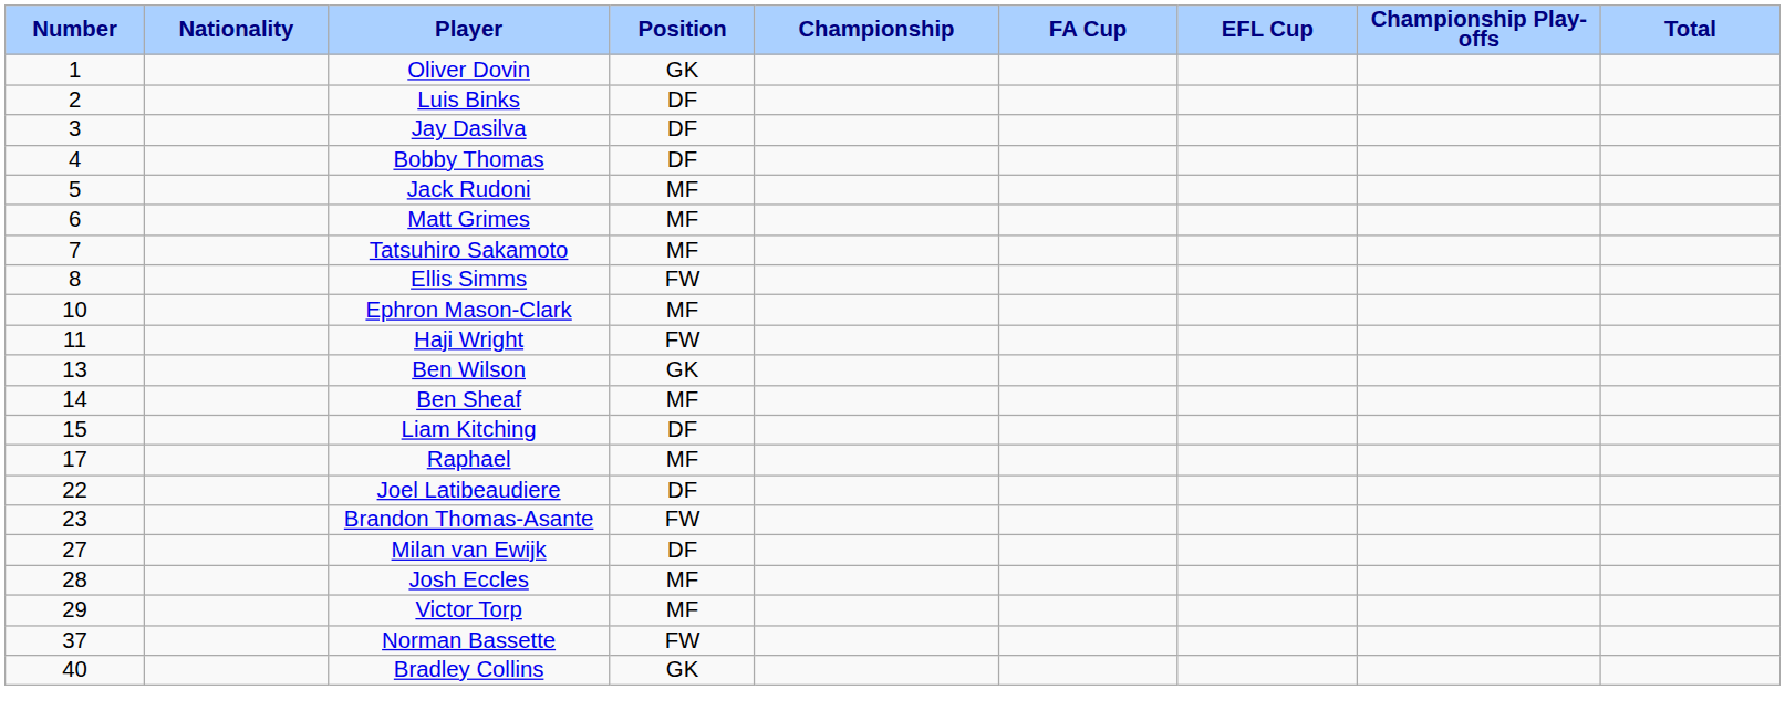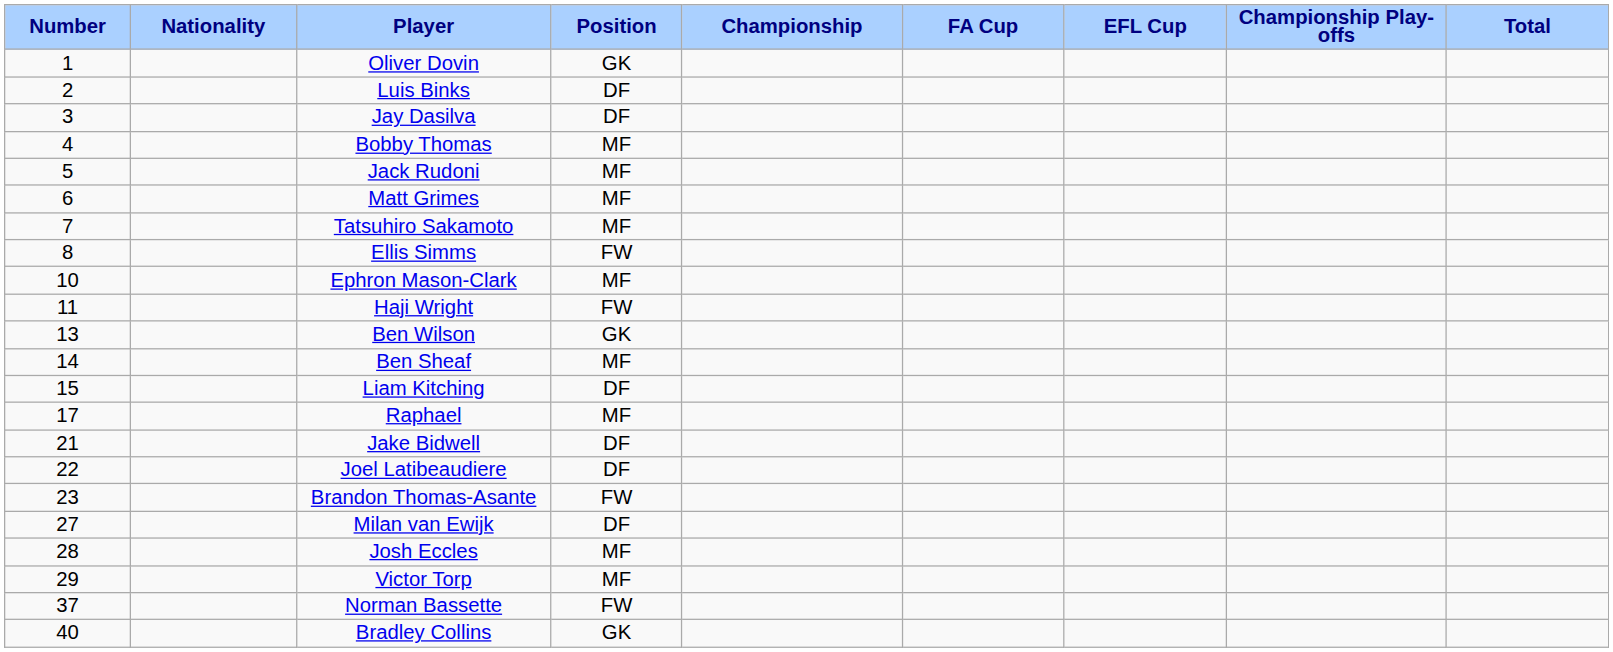 <table class="wikitable sortable alternance" style="font-size:100%; text-align:center; line-height:14px; width:100%;">
 <tr>
 <th style="background:#AAD0FF; color:#000080; width:50px;">Number</th>
 <th style="background:#AAD0FF; color:#000080; width:50px;">Nationality</th>
 <th style="background:#AAD0FF; color:#000080; width:130px;">Player</th>
 <th style="background:#AAD0FF; color:#000080; width:50px;">Position</th>
 <th style="background:#AAD0FF; color:#000080; width:80px;">Championship</th>
 <th style="background:#AAD0FF; color:#000080; width:80px;">FA Cup</th>
 <th style="background:#AAD0FF; color:#000080; width:80px;">EFL Cup</th>
 <th style="background:#AAD0FF; color:#000080; width:100px;">Championship Play-offs</th>
 <th style="background:#AAD0FF; color:#000080; width:80px;">Total</th>
 </tr>
 <tr>
 <td>1</td>
 <td></td>
 <td><a href='#'>Oliver Dovin</a></td>
 <td>GK</td>
 <td></td>
 <td></td>
 <td></td>
 <td></td>
 <td></td>
 </tr>
 <tr>
 <td>2</td>
 <td></td>
 <td><a href='#'>Luis Binks</a></td>
 <td>DF</td>
 <td></td>
 <td></td>
 <td></td>
 <td></td>
 <td></td>
 </tr>
 <tr>
 <td>3</td>
 <td></td>
 <td><a href='#'>Jay Dasilva</a></td>
 <td>DF</td>
 <td></td>
 <td></td>
 <td></td>
 <td></td>
 <td></td>
 </tr>
 <tr>
 <td>4</td>
 <td></td>
 <td><a href='#'>Bobby Thomas</a></td>
-<td>DF</td>
+<td>MF</td>
 <td></td>
 <td></td>
 <td></td>
 <td></td>
 <td></td>
 </tr>
 <tr>
 <td>5</td>
 <td></td>
 <td><a href='#'>Jack Rudoni</a></td>
 <td>MF</td>
 <td></td>
 <td></td>
 <td></td>
 <td></td>
 <td></td>
 </tr>
 <tr>
 <td>6</td>
 <td></td>
 <td><a href='#'>Matt Grimes</a></td>
 <td>MF</td>
 <td></td>
 <td></td>
 <td></td>
 <td></td>
 <td></td>
 </tr>
 <tr>
 <td>7</td>
 <td></td>
 <td><a href='#'>Tatsuhiro Sakamoto</a></td>
 <td>MF</td>
 <td></td>
 <td></td>
 <td></td>
 <td></td>
 <td></td>
 </tr>
 <tr>
 <td>8</td>
 <td></td>
 <td><a href='#'>Ellis Simms</a></td>
 <td>FW</td>
 <td></td>
 <td></td>
 <td></td>
 <td></td>
 <td></td>
 </tr>
 <tr>
 <td>10</td>
 <td></td>
 <td><a href='#'>Ephron Mason-Clark</a></td>
 <td>MF</td>
 <td></td>
 <td></td>
 <td></td>
 <td></td>
 <td></td>
 </tr>
 <tr>
 <td>11</td>
 <td></td>
 <td><a href='#'>Haji Wright</a></td>
 <td>FW</td>
 <td></td>
 <td></td>
 <td></td>
 <td></td>
 <td></td>
 </tr>
 <tr>
 <td>13</td>
 <td></td>
 <td><a href='#'>Ben Wilson</a></td>
 <td>GK</td>
 <td></td>
 <td></td>
 <td></td>
 <td></td>
 <td></td>
 </tr>
 <tr>
 <td>14</td>
 <td></td>
 <td><a href='#'>Ben Sheaf</a></td>
 <td>MF</td>
 <td></td>
 <td></td>
 <td></td>
 <td></td>
 <td></td>
 </tr>
 <tr>
 <td>15</td>
 <td></td>
 <td><a href='#'>Liam Kitching</a></td>
 <td>DF</td>
 <td></td>
 <td></td>
 <td></td>
 <td></td>
 <td></td>
 </tr>
 <tr>
 <td>17</td>
 <td></td>
 <td><a href='#'>Raphael</a></td>
 <td>MF</td>
 <td></td>
 <td></td>
 <td></td>
 <td></td>
 <td></td>
 </tr>
 <tr>
+<td>21</td>
+<td></td>
+<td><a href='#'>Jake Bidwell</a></td>
+<td>DF</td>
+<td></td>
+<td></td>
+<td></td>
+<td></td>
+<td></td>
+</tr>
+<tr>
 <td>22</td>
 <td></td>
 <td><a href='#'>Joel Latibeaudiere</a></td>
 <td>DF</td>
 <td></td>
 <td></td>
 <td></td>
 <td></td>
 <td></td>
 </tr>
 <tr>
 <td>23</td>
 <td></td>
 <td><a href='#'>Brandon Thomas-Asante</a></td>
 <td>FW</td>
 <td></td>
 <td></td>
 <td></td>
 <td></td>
 <td></td>
 </tr>
 <tr>
 <td>27</td>
 <td></td>
 <td><a href='#'>Milan van Ewijk</a></td>
 <td>DF</td>
 <td></td>
 <td></td>
 <td></td>
 <td></td>
 <td></td>
 </tr>
 <tr>
 <td>28</td>
 <td></td>
 <td><a href='#'>Josh Eccles</a></td>
 <td>MF</td>
 <td></td>
 <td></td>
 <td></td>
 <td></td>
 <td></td>
 </tr>
 <tr>
 <td>29</td>
 <td></td>
 <td><a href='#'>Victor Torp</a></td>
 <td>MF</td>
 <td></td>
 <td></td>
 <td></td>
 <td></td>
 <td></td>
 </tr>
 <tr>
 <td>37</td>
 <td></td>
 <td><a href='#'>Norman Bassette</a></td>
 <td>FW</td>
 <td></td>
 <td></td>
 <td></td>
 <td></td>
 <td></td>
 </tr>
 <tr>
 <td>40</td>
 <td></td>
 <td><a href='#'>Bradley Collins</a></td>
 <td>GK</td>
 <td></td>
 <td></td>
 <td></td>
 <td></td>
 <td></td>
 </tr>
 </table>
